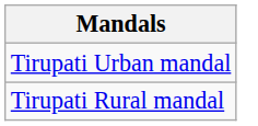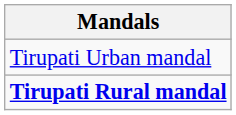 <table class="wikitable sortable static-row-numbers static-row-header-hash">
 <tr>
 <th>Mandals</th>
 </tr>
 <tr>
 <td><a href='#'>Tirupati Urban mandal</a></td>
 </tr>
 <tr>
-<td><a href='#'>Tirupati Rural mandal</a></td>
+<td><strong><a href='#'>Tirupati Rural mandal</a></strong></td>
 </tr>
 </table>
